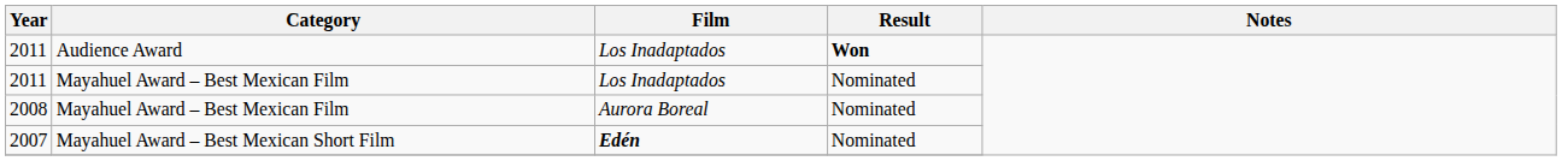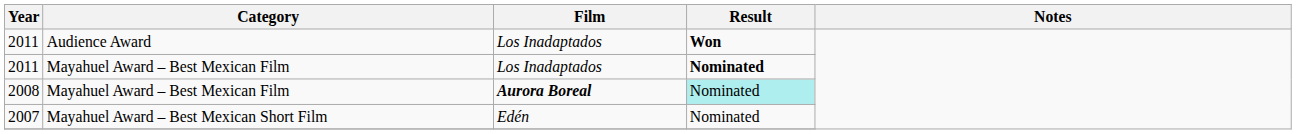 <table class="wikitable">
 <tr>
 <th width="3%">Year</th>
 <th width="35%">Category</th>
 <th width="15%">Film</th>
 <th width="10%">Result</th>
 <th width="37%">Notes</th>
 </tr>
 <tr>
 <td>2011</td>
 <td>Audience Award</td>
 <td><em>Los Inadaptados</em></td>
 <td><strong>Won</strong></td>
 </tr>
 <tr>
 <td>2011</td>
 <td>Mayahuel Award – Best Mexican Film</td>
 <td><em>Los Inadaptados</em></td>
-<td>Nominated</td>
+<td><strong>Nominated</strong></td>
 </tr>
 <tr>
 <td>2008</td>
 <td>Mayahuel Award – Best Mexican Film</td>
-<td><em>Aurora Boreal</em></td>
-<td>Nominated</td>
+<td><strong><em>Aurora Boreal</em></strong></td>
+<td style="background: paleturquoise;">Nominated</td>
 </tr>
 <tr>
 <td>2007</td>
 <td>Mayahuel Award – Best Mexican Short Film</td>
-<td><strong><em>Edén</em></strong></td>
+<td><em>Edén</em></td>
 <td>Nominated</td>
 </tr>
 <tr>
 </tr>
 </table>
